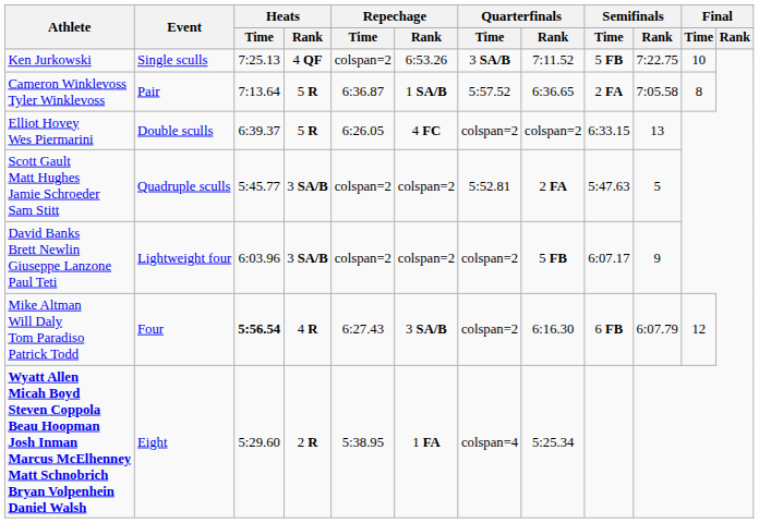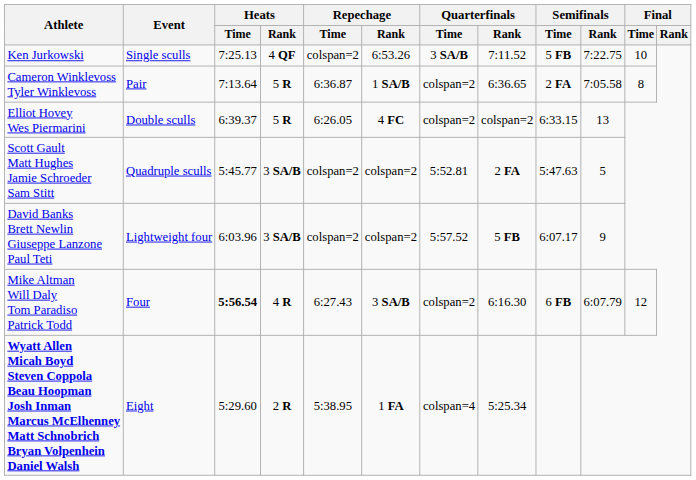 <table class=wikitable style=font-size:90%;text-align:center>
 <tr>
 <th rowspan=2>Athlete</th>
 <th rowspan=2>Event</th>
 <th colspan=2>Heats</th>
 <th colspan=2>Repechage</th>
 <th colspan=2>Quarterfinals</th>
 <th colspan=2>Semifinals</th>
 <th colspan=2>Final</th>
 </tr>
 <tr style=font-size:95%>
 <th>Time</th>
 <th>Rank</th>
 <th>Time</th>
 <th>Rank</th>
 <th>Time</th>
 <th>Rank</th>
 <th>Time</th>
 <th>Rank</th>
 <th>Time</th>
 <th>Rank</th>
 </tr>
 <tr>
 <td align=left><a href='#'>Ken Jurkowski</a></td>
 <td align=left><a href='#'>Single sculls</a></td>
 <td>7:25.13</td>
 <td>4 <strong>QF</strong></td>
 <td>colspan=2 </td>
 <td>6:53.26</td>
 <td>3 <strong>SA/B</strong></td>
 <td>7:11.52</td>
 <td>5 <strong>FB</strong></td>
 <td>7:22.75</td>
 <td>10</td>
 </tr>
 <tr>
 <td align=left><a href='#'>Cameron Winklevoss</a><br><a href='#'>Tyler Winklevoss</a></td>
 <td align=left><a href='#'>Pair</a></td>
 <td>7:13.64</td>
 <td>5 <strong>R</strong></td>
 <td>6:36.87</td>
 <td>1 <strong>SA/B</strong></td>
-<td>5:57.52</td>
+<td>colspan=2 </td>
 <td>6:36.65</td>
 <td>2 <strong>FA</strong></td>
 <td>7:05.58</td>
 <td>8</td>
 </tr>
 <tr>
 <td align=left><a href='#'>Elliot Hovey</a><br><a href='#'>Wes Piermarini</a></td>
 <td align=left><a href='#'>Double sculls</a></td>
 <td>6:39.37</td>
 <td>5 <strong>R</strong></td>
 <td>6:26.05</td>
 <td>4 <strong>FC</strong></td>
 <td>colspan=2 </td>
 <td>colspan=2 </td>
 <td>6:33.15</td>
 <td>13</td>
 </tr>
 <tr>
 <td align=left><a href='#'>Scott Gault</a><br><a href='#'>Matt Hughes</a><br><a href='#'>Jamie Schroeder</a><br><a href='#'>Sam Stitt</a></td>
 <td align=left><a href='#'>Quadruple sculls</a></td>
 <td>5:45.77</td>
 <td>3 <strong>SA/B</strong></td>
 <td>colspan=2 </td>
 <td>colspan=2 </td>
 <td>5:52.81</td>
 <td>2 <strong>FA</strong></td>
 <td>5:47.63</td>
 <td>5</td>
 </tr>
 <tr>
 <td align=left><a href='#'>David Banks</a><br><a href='#'>Brett Newlin</a><br><a href='#'>Giuseppe Lanzone</a><br><a href='#'>Paul Teti</a></td>
 <td align=left><a href='#'>Lightweight four</a></td>
 <td>6:03.96</td>
 <td>3 <strong>SA/B</strong></td>
 <td>colspan=2 </td>
 <td>colspan=2 </td>
-<td>colspan=2 </td>
+<td>5:57.52</td>
 <td>5 <strong>FB</strong></td>
 <td>6:07.17</td>
 <td>9</td>
 </tr>
 <tr>
 <td align=left><a href='#'>Mike Altman</a><br><a href='#'>Will Daly</a><br><a href='#'>Tom Paradiso</a><br><a href='#'>Patrick Todd</a></td>
 <td align=left><a href='#'>Four</a></td>
 <td><strong>5:56.54</strong></td>
 <td>4 <strong>R</strong></td>
 <td>6:27.43</td>
 <td>3 <strong>SA/B</strong></td>
 <td>colspan=2 </td>
 <td>6:16.30</td>
 <td>6 <strong>FB</strong></td>
 <td>6:07.79</td>
 <td>12</td>
 </tr>
 <tr>
 <td align=left><strong><a href='#'>Wyatt Allen</a><br><a href='#'>Micah Boyd</a><br><a href='#'>Steven Coppola</a><br><a href='#'>Beau Hoopman</a><br><a href='#'>Josh Inman</a><br><a href='#'>Marcus McElhenney</a><br><a href='#'>Matt Schnobrich</a><br><a href='#'>Bryan Volpenhein</a><br><a href='#'>Daniel Walsh</a></strong></td>
 <td align=left><a href='#'>Eight</a></td>
 <td>5:29.60</td>
 <td>2 <strong>R</strong></td>
 <td>5:38.95</td>
 <td>1 <strong>FA</strong></td>
 <td>colspan=4 </td>
 <td>5:25.34</td>
 <td></td>
 </tr>
 </table>
